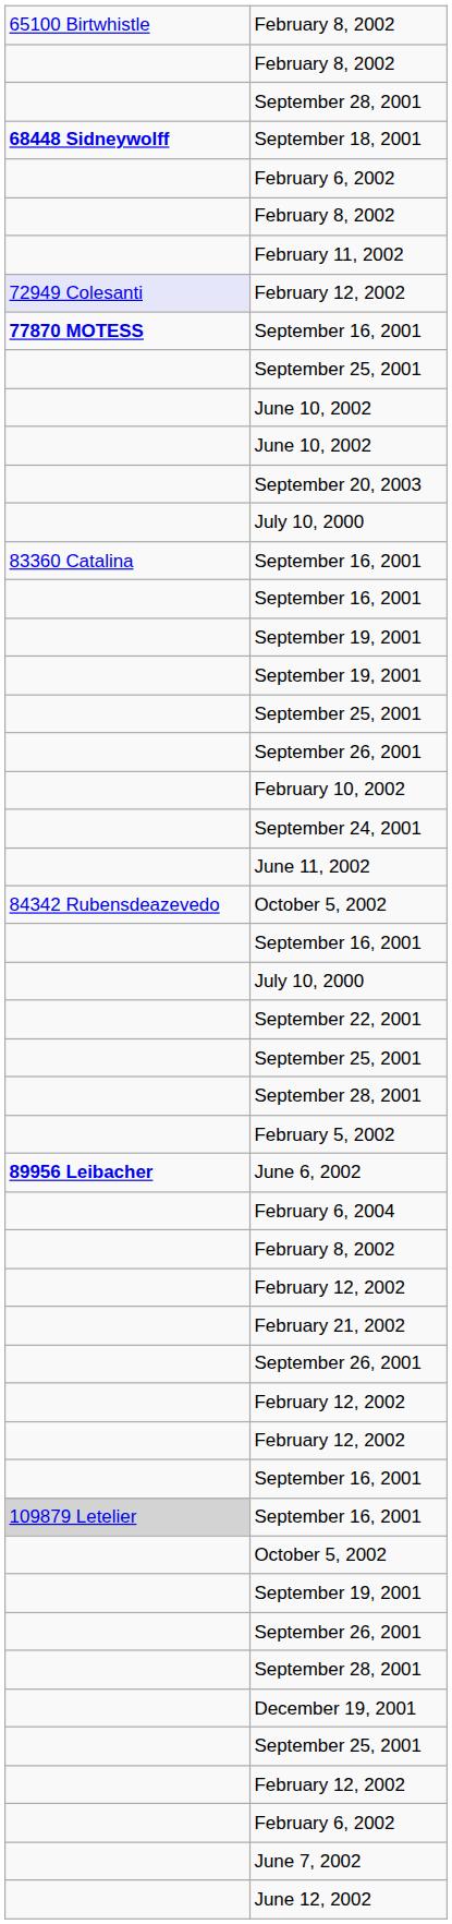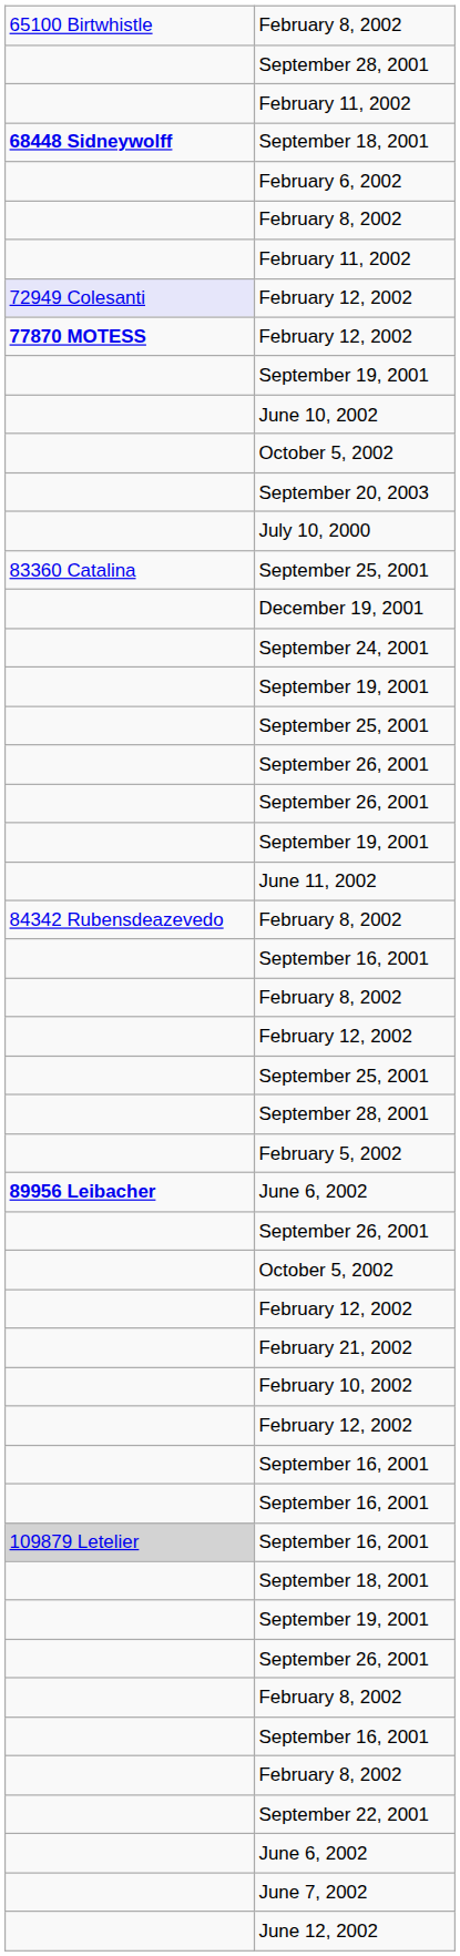 <table class="wikitable" style="font-size: 89%; float: left; width: 24em; margin-right: 1em; line-height: 1.6em !important;  height: 1250px;">
 <tr>
 <td><a href='#'>65100 Birtwhistle</a></td>
 <td>February 8, 2002</td>
 </tr>
 <tr>
 <td></td>
-<td>February 8, 2002</td>
+<td>September 28, 2001</td>
 </tr>
 <tr>
 <td></td>
-<td>September 28, 2001</td>
+<td>February 11, 2002</td>
 </tr>
 <tr>
 <td><strong><a href='#'>68448 Sidneywolff</a></strong></td>
 <td>September 18, 2001</td>
 </tr>
 <tr>
 <td></td>
 <td>February 6, 2002</td>
 </tr>
 <tr>
 <td></td>
 <td>February 8, 2002</td>
 </tr>
 <tr>
 <td></td>
 <td>February 11, 2002</td>
 </tr>
 <tr>
 <td style="background: lavender;"><a href='#'>72949 Colesanti</a></td>
 <td>February 12, 2002</td>
 </tr>
 <tr>
 <td><strong><a href='#'>77870 MOTESS</a></strong></td>
-<td>September 16, 2001</td>
+<td>February 12, 2002</td>
 </tr>
 <tr>
 <td></td>
-<td>September 25, 2001</td>
+<td>September 19, 2001</td>
 </tr>
 <tr>
 <td></td>
 <td>June 10, 2002</td>
 </tr>
 <tr>
 <td></td>
-<td>June 10, 2002</td>
+<td>October 5, 2002</td>
 </tr>
 <tr>
 <td></td>
 <td>September 20, 2003</td>
 </tr>
 <tr>
 <td></td>
 <td>July 10, 2000</td>
 </tr>
 <tr>
 <td><a href='#'>83360 Catalina</a></td>
-<td>September 16, 2001</td>
+<td>September 25, 2001</td>
 </tr>
 <tr>
 <td></td>
-<td>September 16, 2001</td>
+<td>December 19, 2001</td>
 </tr>
 <tr>
 <td></td>
-<td>September 19, 2001</td>
+<td>September 24, 2001</td>
 </tr>
 <tr>
 <td></td>
 <td>September 19, 2001</td>
 </tr>
 <tr>
 <td></td>
 <td>September 25, 2001</td>
 </tr>
 <tr>
 <td></td>
 <td>September 26, 2001</td>
 </tr>
 <tr>
 <td></td>
-<td>February 10, 2002</td>
+<td>September 26, 2001</td>
 </tr>
 <tr>
 <td></td>
-<td>September 24, 2001</td>
+<td>September 19, 2001</td>
 </tr>
 <tr>
 <td></td>
 <td>June 11, 2002</td>
 </tr>
 <tr>
 <td><a href='#'>84342 Rubensdeazevedo</a></td>
-<td>October 5, 2002</td>
+<td>February 8, 2002</td>
 </tr>
 <tr>
 <td></td>
 <td>September 16, 2001</td>
 </tr>
 <tr>
 <td></td>
-<td>July 10, 2000</td>
+<td>February 8, 2002</td>
 </tr>
 <tr>
 <td></td>
-<td>September 22, 2001</td>
+<td>February 12, 2002</td>
 </tr>
 <tr>
 <td></td>
 <td>September 25, 2001</td>
 </tr>
 <tr>
 <td></td>
 <td>September 28, 2001</td>
 </tr>
 <tr>
 <td></td>
 <td>February 5, 2002</td>
 </tr>
 <tr>
 <td><strong><a href='#'>89956 Leibacher</a></strong></td>
 <td>June 6, 2002</td>
 </tr>
 <tr>
 <td></td>
-<td>February 6, 2004</td>
+<td>September 26, 2001</td>
 </tr>
 <tr>
 <td></td>
-<td>February 8, 2002</td>
+<td>October 5, 2002</td>
 </tr>
 <tr>
 <td></td>
 <td>February 12, 2002</td>
 </tr>
 <tr>
 <td></td>
 <td>February 21, 2002</td>
 </tr>
 <tr>
 <td></td>
-<td>September 26, 2001</td>
+<td>February 10, 2002</td>
 </tr>
 <tr>
 <td></td>
 <td>February 12, 2002</td>
 </tr>
 <tr>
 <td></td>
-<td>February 12, 2002</td>
+<td>September 16, 2001</td>
 </tr>
 <tr>
 <td></td>
 <td>September 16, 2001</td>
 </tr>
 <tr>
 <td style="background: lightgrey;"><a href='#'>109879 Letelier</a></td>
 <td>September 16, 2001</td>
 </tr>
 <tr>
 <td></td>
-<td>October 5, 2002</td>
+<td>September 18, 2001</td>
 </tr>
 <tr>
 <td></td>
 <td>September 19, 2001</td>
 </tr>
 <tr>
 <td></td>
 <td>September 26, 2001</td>
 </tr>
 <tr>
 <td></td>
-<td>September 28, 2001</td>
+<td>February 8, 2002</td>
 </tr>
 <tr>
 <td></td>
-<td>December 19, 2001</td>
+<td>September 16, 2001</td>
 </tr>
 <tr>
 <td></td>
-<td>September 25, 2001</td>
+<td>February 8, 2002</td>
 </tr>
 <tr>
 <td></td>
-<td>February 12, 2002</td>
+<td>September 22, 2001</td>
 </tr>
 <tr>
 <td></td>
-<td>February 6, 2002</td>
+<td>June 6, 2002</td>
 </tr>
 <tr>
 <td></td>
 <td>June 7, 2002</td>
 </tr>
 <tr>
 <td></td>
 <td>June 12, 2002</td>
 </tr>
 </table>
